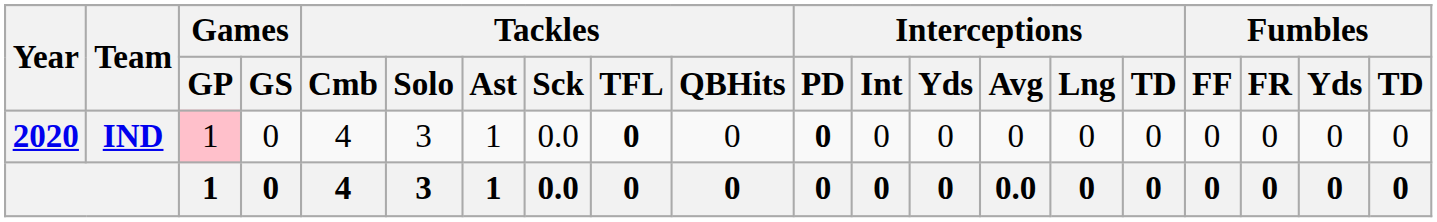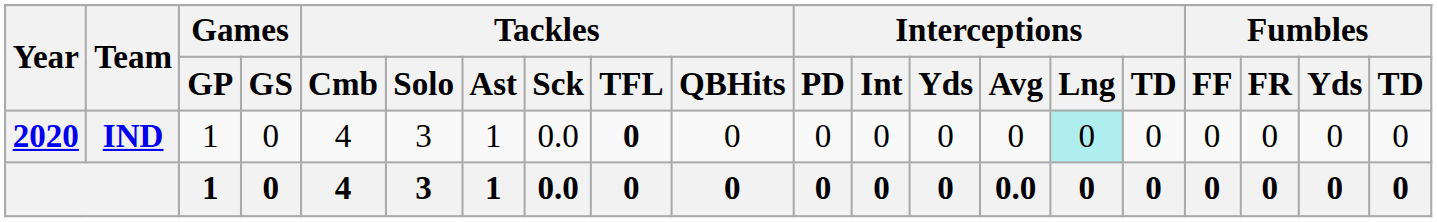 <table class= "wikitable" style="text-align:center;">
 <tr>
 </tr>
 <tr>
 <th rowspan="2">Year</th>
 <th rowspan="2">Team</th>
 <th colspan="2">Games</th>
 <th colspan="6">Tackles</th>
 <th colspan="6">Interceptions</th>
 <th colspan="4">Fumbles</th>
 </tr>
 <tr>
 <th>GP</th>
 <th>GS</th>
 <th>Cmb</th>
 <th>Solo</th>
 <th>Ast</th>
 <th>Sck</th>
 <th>TFL</th>
 <th>QBHits</th>
 <th>PD</th>
 <th>Int</th>
 <th>Yds</th>
 <th>Avg</th>
 <th>Lng</th>
 <th>TD</th>
 <th>FF</th>
 <th>FR</th>
 <th>Yds</th>
 <th>TD</th>
 </tr>
 <tr>
 <th><a href='#'>2020</a></th>
 <th><a href='#'>IND</a></th>
-<td style="background: pink;">1</td>
+<td>1</td>
 <td>0</td>
 <td>4</td>
 <td>3</td>
 <td>1</td>
 <td>0.0</td>
 <td><strong>0</strong></td>
 <td>0</td>
-<td><strong>0</strong></td>
 <td>0</td>
 <td>0</td>
 <td>0</td>
 <td>0</td>
+<td style="background: paleturquoise;">0</td>
 <td>0</td>
 <td>0</td>
 <td>0</td>
 <td>0</td>
 <td>0</td>
 </tr>
 <tr>
 <th colspan="2"></th>
 <th>1</th>
 <th>0</th>
 <th>4</th>
 <th>3</th>
 <th>1</th>
 <th>0.0</th>
 <th>0</th>
 <th>0</th>
 <th>0</th>
 <th>0</th>
 <th>0</th>
 <th>0.0</th>
 <th>0</th>
 <th>0</th>
 <th>0</th>
 <th>0</th>
 <th>0</th>
 <th>0</th>
 </tr>
 </table>
